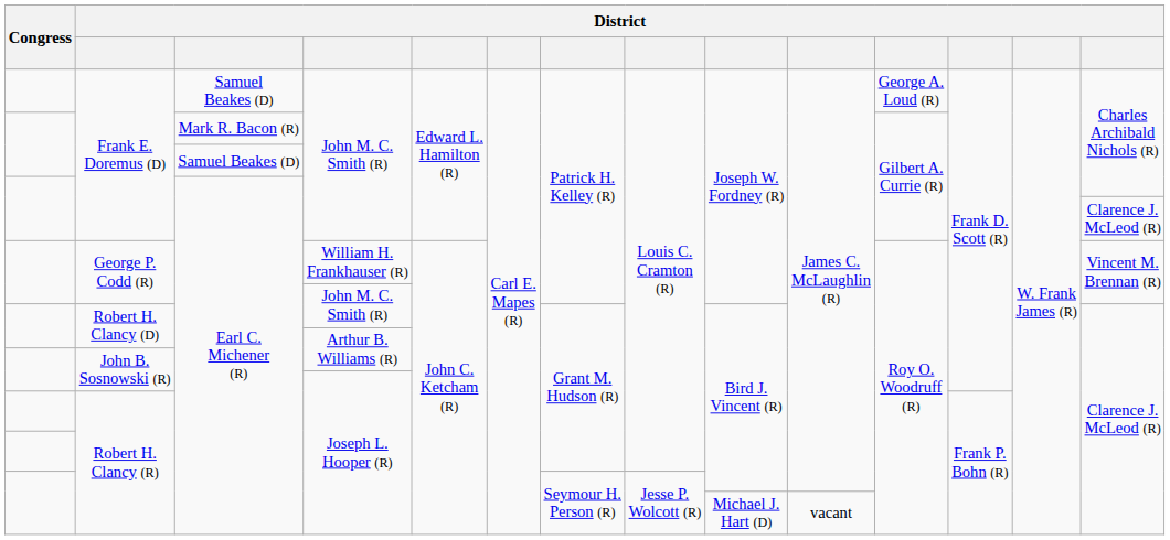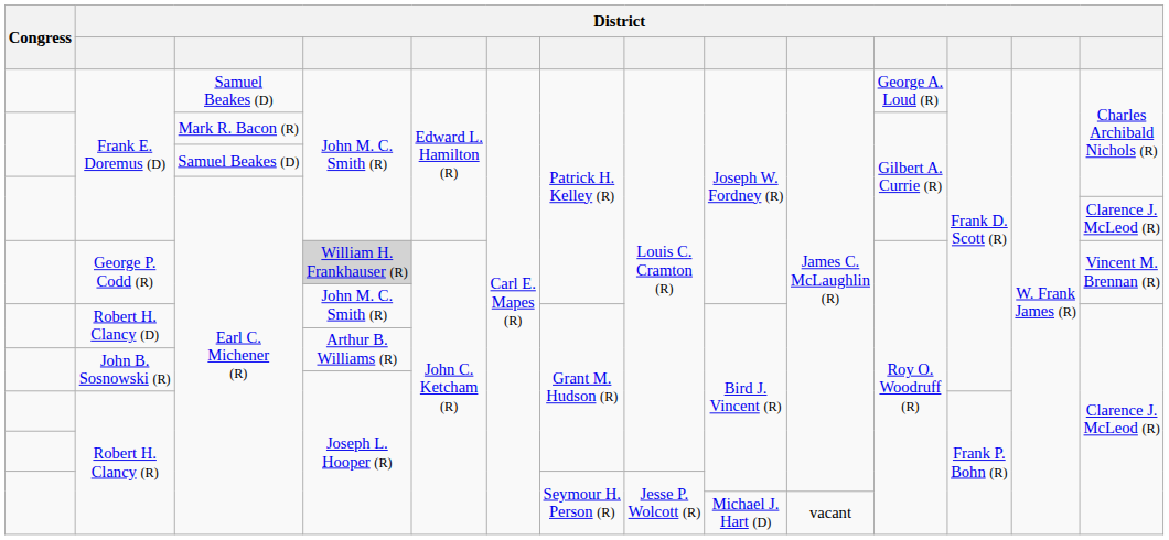 <table class=wikitable style="text-align:center">
 <tr style="height:2em">
 <th rowspan=2>Congress</th>
 <th colspan=13>District</th>
 </tr>
 <tr style="height:2em" valign=bottom>
 <th></th>
 <th></th>
 <th></th>
 <th></th>
 <th></th>
 <th></th>
 <th></th>
 <th></th>
 <th></th>
 <th></th>
 <th></th>
 <th></th>
 <th></th>
 </tr>
 <tr style="height:2.5em">
 <td><strong></strong> </td>
 <td rowspan="5" ><a href='#'>Frank E.<br>Doremus</a> <small>(D)</small></td>
 <td><a href='#'>Samuel<br>Beakes</a> <small>(D)</small></td>
 <td rowspan="5" ><a href='#'>John M. C.<br>Smith</a> <small>(R)</small></td>
 <td rowspan="5" ><a href='#'>Edward L.<br>Hamilton</a><br><small>(R)</small></td>
 <td rowspan="15" ><a href='#'>Carl E.<br>Mapes</a><br><small>(R)</small></td>
 <td rowspan=7 ><a href='#'>Patrick H.<br>Kelley</a> <small>(R)</small></td>
 <td rowspan="13" ><a href='#'>Louis C.<br>Cramton</a><br><small>(R)</small></td>
 <td rowspan="7" ><a href='#'>Joseph W.<br>Fordney</a> <small>(R)</small></td>
 <td rowspan="14" ><a href='#'>James C.<br>McLaughlin</a><br><small>(R)</small></td>
 <td><a href='#'>George A.<br>Loud</a> <small>(R)</small></td>
 <td rowspan=11 ><a href='#'>Frank D.<br>Scott</a> <small>(R)</small></td>
 <td rowspan="15" ><a href='#'>W. Frank<br>James</a> <small>(R)</small></td>
 <td rowspan=4 ><a href='#'>Charles<br>Archibald<br>Nichols</a> <small>(R)</small></td>
 </tr>
 <tr style="height:2em">
 <td rowspan=2><strong></strong> </td>
 <td><a href='#'>Mark R. Bacon</a> <small>(R)</small></td>
 <td rowspan=4 ><a href='#'>Gilbert A.<br>Currie</a> <small>(R)</small></td>
 </tr>
 <tr style="height:2em">
 <td><a href='#'>Samuel Beakes</a> <small>(D)</small></td>
 </tr>
 <tr style="height:1.25em">
 <td rowspan=2><strong></strong> </td>
 <td rowspan=12 ><a href='#'>Earl C.<br>Michener</a><br><small>(R)</small></td>
 </tr>
 <tr style="height:2em">
 <td><a href='#'>Clarence J.<br>McLeod</a> <small>(R)</small></td>
 </tr>
 <tr style="height:2em">
 <td rowspan=2><strong></strong> </td>
 <td rowspan=2 ><a href='#'>George P.<br>Codd</a> <small>(R)</small></td>
-<td><a href='#'>William H.<br>Frank­hauser</a> <small>(R)</small></td>
+<td style="background: lightgrey;"><a href='#'>William H.<br>Frank­hauser</a> <small>(R)</small></td>
 <td rowspan=10 ><a href='#'>John C.<br>Ketcham</a><br><small>(R)</small></td>
 <td rowspan="10" ><a href='#'>Roy O.<br>Woodruff</a><br><small>(R)</small></td>
 <td rowspan=2 ><a href='#'>Vincent M.<br>Brennan</a> <small>(R)</small></td>
 </tr>
 <tr style="height:1.25em">
 <td rowspan=2 ><a href='#'>John M. C.<br>Smith</a> <small>(R)</small></td>
 </tr>
 <tr style="height:1.25em">
 <td rowspan=2><strong></strong> </td>
 <td rowspan=2 ><a href='#'>Robert H.<br>Clancy</a> <small>(D)</small></td>
 <td rowspan=6 ><a href='#'>Grant M.<br>Hudson</a> <small>(R)</small></td>
 <td rowspan=7 ><a href='#'>Bird J.<br>Vincent</a> <small>(R)</small></td>
 <td rowspan="8" ><a href='#'>Clarence J.<br>McLeod</a> <small>(R)</small></td>
 </tr>
 <tr style="height:1.25em">
 <td rowspan=2 ><a href='#'>Arthur B.<br>Williams</a> <small>(R)</small></td>
 </tr>
 <tr style="height:1.25em">
 <td rowspan=2><strong></strong> </td>
 <td rowspan=2 ><a href='#'>John B.<br>Sosnowski</a> <small>(R)</small></td>
 </tr>
 <tr style="height:1.25em">
 <td rowspan="5" ><a href='#'>Joseph L.<br>Hooper</a> <small>(R)</small></td>
 </tr>
 <tr style="height:2.5em">
 <td><strong></strong> </td>
 <td rowspan=4 ><a href='#'>Robert H.<br>Clancy</a> <small>(R)</small></td>
 <td rowspan=4 ><a href='#'>Frank P.<br>Bohn</a> <small>(R)</small></td>
 </tr>
 <tr style="height:2.5em">
 <td><strong></strong> </td>
 </tr>
 <tr style="height:1.25em">
 <td rowspan=2><strong></strong> </td>
 <td rowspan=2 ><a href='#'>Seymour H.<br>Person</a> <small>(R)</small></td>
 <td rowspan="2" ><a href='#'>Jesse P.<br>Wolcott</a> <small>(R)</small></td>
 </tr>
 <tr style="height:2em">
 <td><a href='#'>Michael J.<br>Hart</a> <small>(D)</small></td>
 <td>vacant</td>
 </tr>
 </table>
